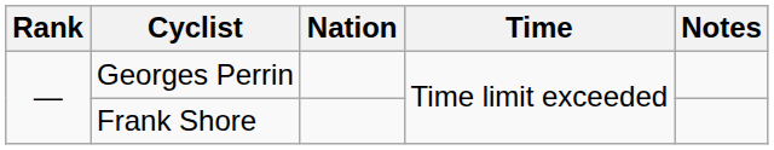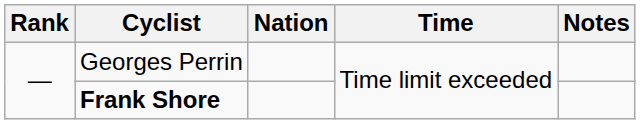 <table class="wikitable sortable" style="text-align:center">
 <tr>
 <th>Rank</th>
 <th>Cyclist</th>
 <th>Nation</th>
 <th>Time</th>
 <th>Notes</th>
 </tr>
 <tr>
 <td rowspan=2>—</td>
 <td align=left>Georges Perrin</td>
 <td align=left></td>
 <td rowspan=2>Time limit exceeded</td>
 <td></td>
 </tr>
 <tr>
-<td align=left>Frank Shore</td>
+<td align=left><strong>Frank Shore</strong></td>
 <td align=left></td>
 <td></td>
 </tr>
 </table>
